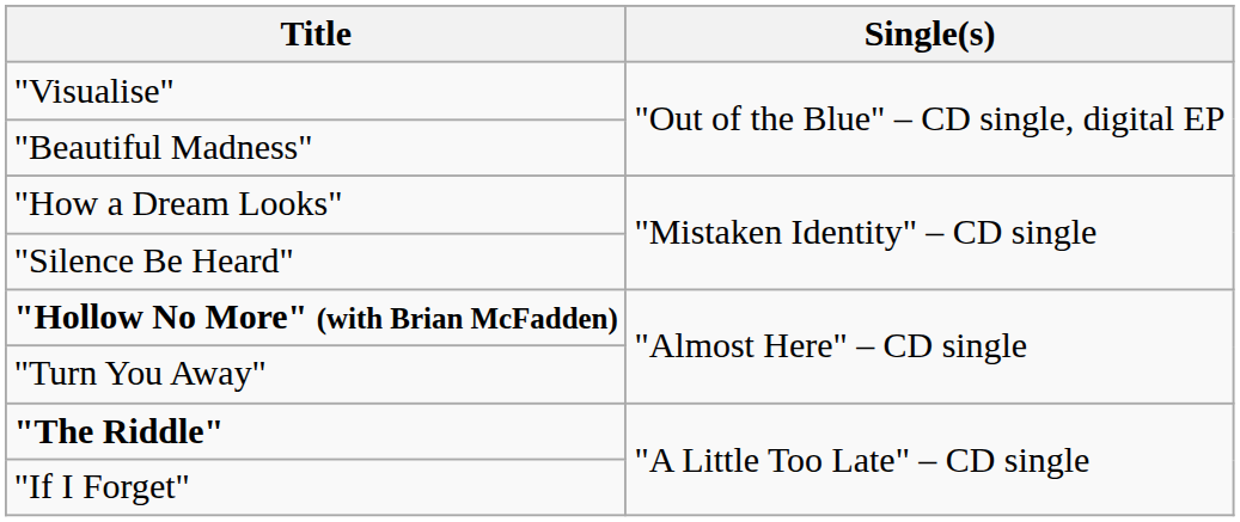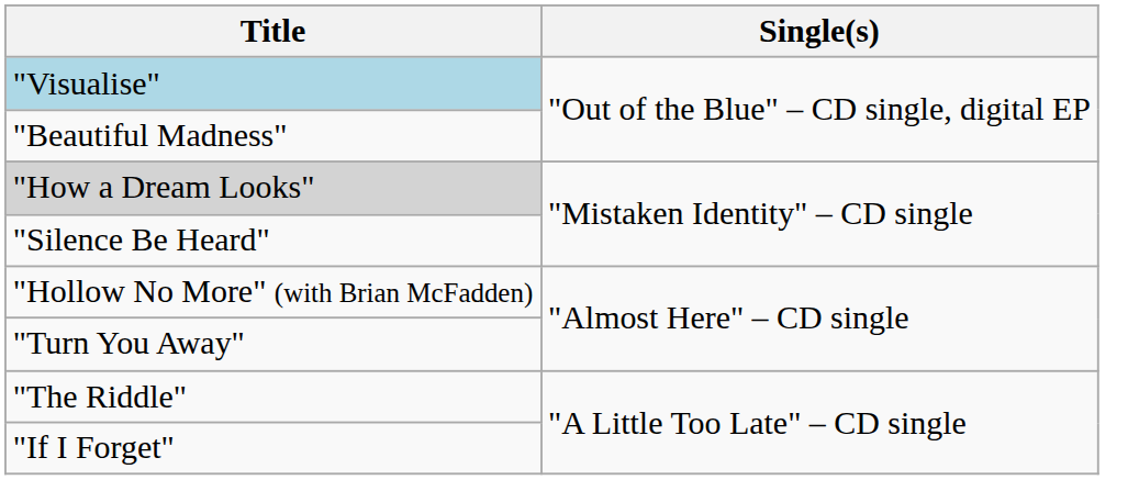 <table class="wikitable">
 <tr>
 <th>Title</th>
 <th>Single(s)</th>
 </tr>
 <tr>
-<td>"Visualise"</td>
+<td style="background: lightblue;">"Visualise"</td>
 <td rowspan="2">"Out of the Blue" – CD single, digital EP</td>
 </tr>
 <tr>
 <td>"Beautiful Madness"</td>
 </tr>
 <tr>
-<td>"How a Dream Looks"</td>
+<td style="background: lightgrey;">"How a Dream Looks"</td>
 <td rowspan="2">"Mistaken Identity" – CD single</td>
 </tr>
 <tr>
 <td>"Silence Be Heard"</td>
 </tr>
 <tr>
-<td><strong>"Hollow No More" <small>(with Brian McFadden)</small></strong></td>
+<td>"Hollow No More" <small>(with Brian McFadden)</small></td>
 <td rowspan="2">"Almost Here" – CD single</td>
 </tr>
 <tr>
 <td>"Turn You Away"</td>
 </tr>
 <tr>
-<td><strong>"The Riddle"</strong></td>
+<td>"The Riddle"</td>
 <td rowspan="2">"A Little Too Late" – CD single</td>
 </tr>
 <tr>
 <td>"If I Forget"</td>
 </tr>
 </table>
